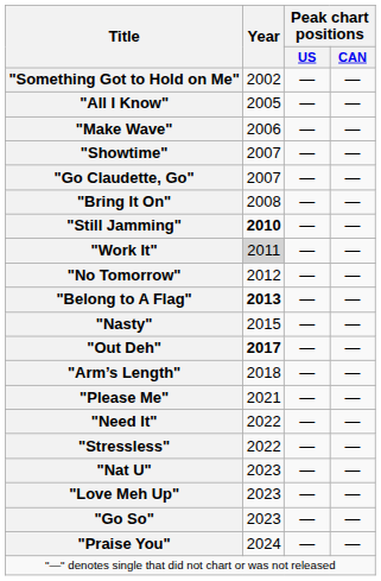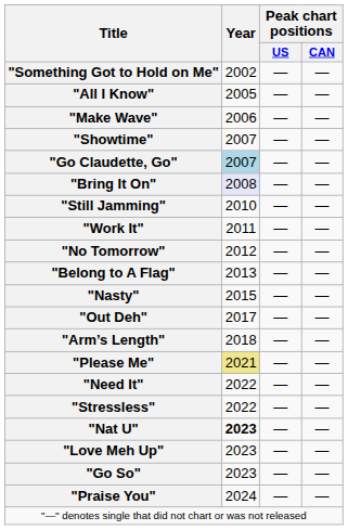 <table class="wikitable plainrowheaders" style="text-align:center;">
 <tr>
 <th scope="col" rowspan="2">Title</th>
 <th scope="col" rowspan="2">Year</th>
 <th scope="col" colspan="2">Peak chart positions</th>
 </tr>
 <tr>
 <th scope="col" style="width:3em;font-size:85%;"><a href='#'>US</a></th>
 <th scope="col" style="width:3em;font-size:85%;"><a href='#'>CAN</a></th>
 </tr>
 <tr>
 <th scope="row">"Something Got to Hold on Me"</th>
 <td>2002</td>
 <td>—</td>
 <td>—</td>
 </tr>
 <tr>
 <th scope="row">"All I Know"</th>
 <td>2005</td>
 <td>—</td>
 <td>—</td>
 </tr>
 <tr>
 <th scope="row">"Make Wave"</th>
 <td>2006</td>
 <td>—</td>
 <td>—</td>
 </tr>
 <tr>
 <th scope="row">"Showtime"</th>
 <td>2007</td>
 <td>—</td>
 <td>—</td>
 </tr>
 <tr>
 <th scope="row">"Go Claudette, Go"</th>
-<td>2007</td>
+<td style="background: lightblue;">2007</td>
 <td>—</td>
 <td>—</td>
 </tr>
 <tr>
 <th scope="row">"Bring It On"</th>
-<td>2008</td>
+<td style="background: lavender;">2008</td>
 <td>—</td>
 <td>—</td>
 </tr>
 <tr>
 <th scope="row">"Still Jamming"</th>
-<td><strong>2010</strong></td>
+<td>2010</td>
 <td>—</td>
 <td>—</td>
 </tr>
 <tr>
 <th scope="row">"Work It"</th>
-<td style="background: lightgrey;">2011</td>
+<td>2011</td>
 <td>—</td>
 <td>—</td>
 </tr>
 <tr>
 <th scope="row">"No Tomorrow"</th>
 <td>2012</td>
 <td>—</td>
 <td>—</td>
 </tr>
 <tr>
 <th scope="row">"Belong to A Flag"</th>
-<td><strong>2013</strong></td>
+<td>2013</td>
 <td>—</td>
 <td>—</td>
 </tr>
 <tr>
 <th scope="row">"Nasty"</th>
 <td>2015</td>
 <td>—</td>
 <td>—</td>
 </tr>
 <tr>
 <th scope="row">"Out Deh"</th>
-<td><strong>2017</strong></td>
+<td>2017</td>
 <td>—</td>
 <td>—</td>
 </tr>
 <tr>
 <th scope="row">"Arm’s Length"</th>
 <td>2018</td>
 <td>—</td>
 <td>—</td>
 </tr>
 <tr>
 <th scope="row">"Please Me"</th>
-<td>2021</td>
+<td style="background: khaki;">2021</td>
 <td>—</td>
 <td>—</td>
 </tr>
 <tr>
 <th scope="row">"Need It"</th>
 <td>2022</td>
 <td>—</td>
 <td>—</td>
 </tr>
 <tr>
 <th scope="row">"Stressless"</th>
 <td>2022</td>
 <td>—</td>
 <td>—</td>
 </tr>
 <tr>
 <th scope="row">"Nat U"</th>
-<td>2023</td>
+<td><strong>2023</strong></td>
 <td>—</td>
 <td>—</td>
 </tr>
 <tr>
 <th scope="row">"Love Meh Up"</th>
 <td>2023</td>
 <td>—</td>
 <td>—</td>
 </tr>
 <tr>
 <th scope="row">"Go So"</th>
 <td>2023</td>
 <td>—</td>
 <td>—</td>
 </tr>
 <tr>
 <th scope="row">"Praise You"</th>
 <td>2024</td>
 <td>—</td>
 <td>—</td>
 </tr>
 <tr>
 <td colspan="9" style="font-size:9pt">"—" denotes single that did not chart or was not released</td>
 </tr>
 </table>
